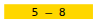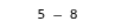 <table style="text-align:center">
 <tr>
 <th width=200></th>
 <th width=100></th>
 <th width=200></th>
 </tr>
 <tr>
 <td align=right></td>
-<td style="background: gold;">5 – 8</td>
+<td>5 – 8</td>
 <td align=left><strong></strong></td>
 </tr>
 <tr>
 </tr>
 </table>
